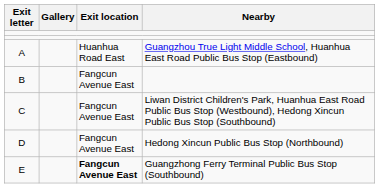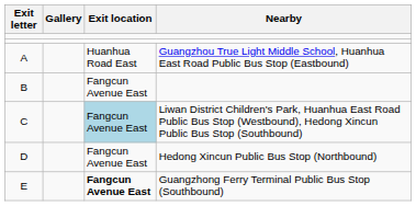 <table class="wikitable">
 <tr>
 <th style="width:70px" colspan="2">Exit letter</th>
 <th>Gallery</th>
 <th>Exit location</th>
 <th>Nearby</th>
 </tr>
 <tr style="background:#">
 <td colspan = "6"></td>
 </tr>
 <tr style="background:#">
 <td colspan = "6"></td>
 </tr>
 <tr>
 <td align="center" colspan="2">A</td>
 <td></td>
 <td>Huanhua Road East</td>
 <td><a href='#'>Guangzhou True Light Middle School</a>, Huanhua East Road Public Bus Stop (Eastbound)</td>
 </tr>
 <tr>
 <td align="center" colspan="2">B</td>
 <td></td>
 <td>Fangcun Avenue East</td>
 <td></td>
 </tr>
 <tr>
 <td align="center" colspan="2">C</td>
 <td></td>
-<td>Fangcun Avenue East</td>
+<td style="background: lightblue;">Fangcun Avenue East</td>
 <td>Liwan District Children's Park, Huanhua East Road Public Bus Stop (Westbound), Hedong Xincun Public Bus Stop (Southbound)</td>
 </tr>
 <tr>
 <td align="center" colspan="2">D</td>
 <td></td>
 <td>Fangcun Avenue East</td>
 <td>Hedong Xincun Public Bus Stop (Northbound)</td>
 </tr>
 <tr>
 <td align="center" colspan="2">E</td>
 <td></td>
 <td><strong>Fangcun Avenue East</strong></td>
 <td>Guangzhong Ferry Terminal Public Bus Stop (Southbound)</td>
 </tr>
 </table>
